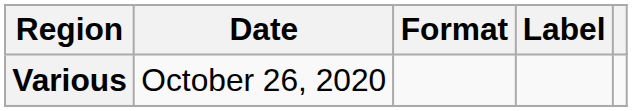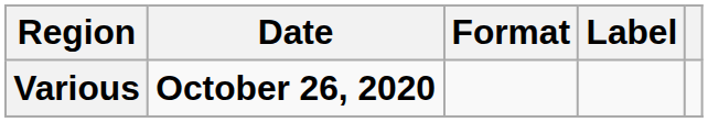 <table class="wikitable plainrowheaders">
 <tr>
 <th scope="col">Region</th>
 <th scope="col">Date</th>
 <th scope="col">Format</th>
 <th scope="col">Label</th>
 <th scope="col"></th>
 </tr>
 <tr>
 <th scope="row">Various</th>
-<td>October 26, 2020</td>
+<td><strong>October 26, 2020</strong></td>
 <td></td>
 <td></td>
 <td align="center"></td>
 </tr>
 <tr>
 </tr>
 </table>
